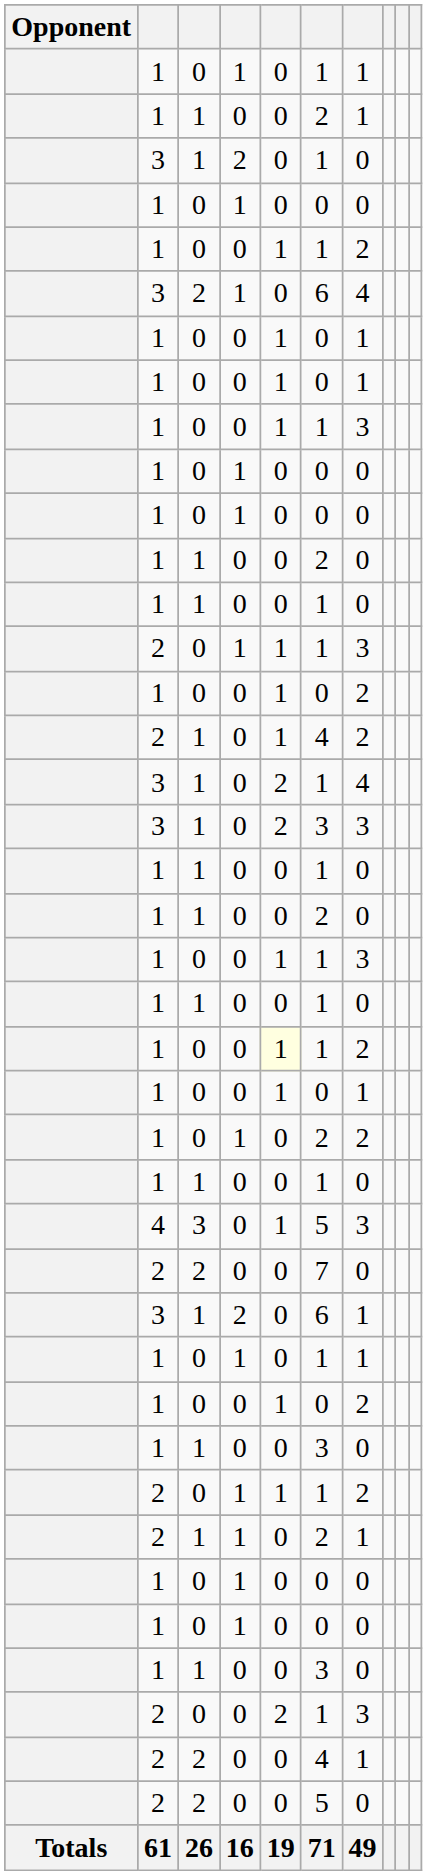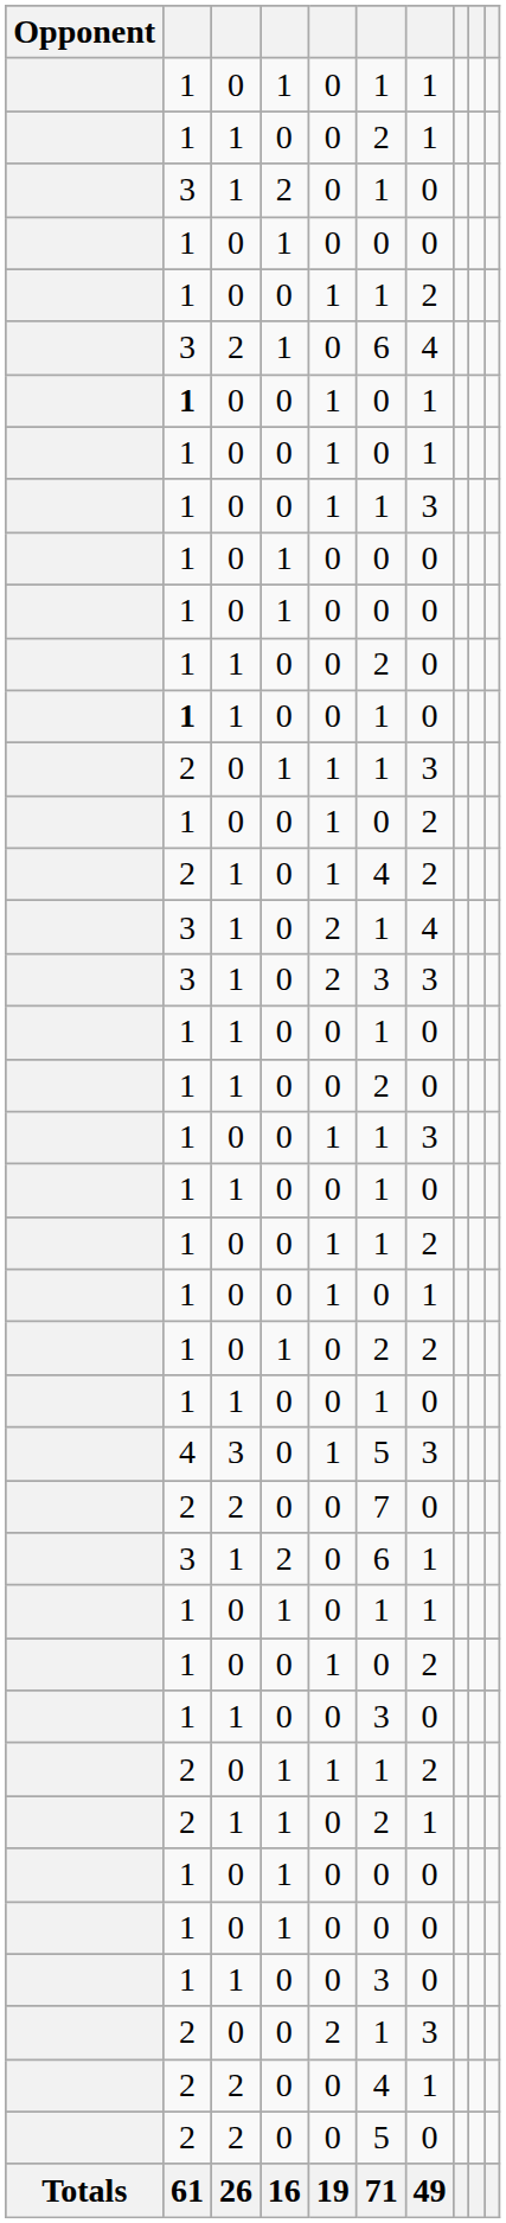 <table class="wikitable plainrowheaders sortable" style="text-align:center">
 <tr>
 <th scope=col>Opponent</th>
 <th scope=col></th>
 <th scope=col></th>
 <th scope=col></th>
 <th scope=col></th>
 <th scope=col></th>
 <th scope=col></th>
 <th scope=col></th>
 <th scope=col></th>
 <th scope=col></th>
 </tr>
 <tr>
 <th scope=row style="text-align:left;"></th>
 <td>1</td>
 <td>0</td>
 <td>1</td>
 <td>0</td>
 <td>1</td>
 <td>1</td>
 <td></td>
 <td></td>
 <td></td>
 </tr>
 <tr>
 <th scope=row style="text-align:left;"></th>
 <td>1</td>
 <td>1</td>
 <td>0</td>
 <td>0</td>
 <td>2</td>
 <td>1</td>
 <td></td>
 <td></td>
 <td></td>
 </tr>
 <tr>
 <th scope=row style="text-align:left;"></th>
 <td>3</td>
 <td>1</td>
 <td>2</td>
 <td>0</td>
 <td>1</td>
 <td>0</td>
 <td></td>
 <td></td>
 <td></td>
 </tr>
 <tr>
 <th scope=row style="text-align:left;"></th>
 <td>1</td>
 <td>0</td>
 <td>1</td>
 <td>0</td>
 <td>0</td>
 <td>0</td>
 <td></td>
 <td></td>
 <td></td>
 </tr>
 <tr>
 <th scope=row style="text-align:left;"></th>
 <td>1</td>
 <td>0</td>
 <td>0</td>
 <td>1</td>
 <td>1</td>
 <td>2</td>
 <td></td>
 <td></td>
 <td></td>
 </tr>
 <tr>
 <th scope=row style="text-align:left;"></th>
 <td>3</td>
 <td>2</td>
 <td>1</td>
 <td>0</td>
 <td>6</td>
 <td>4</td>
 <td></td>
 <td></td>
 <td></td>
 </tr>
 <tr>
 <th scope=row style="text-align:left;"></th>
-<td>1</td>
+<td><strong>1</strong></td>
 <td>0</td>
 <td>0</td>
 <td>1</td>
 <td>0</td>
 <td>1</td>
 <td></td>
 <td></td>
 <td></td>
 </tr>
 <tr>
 <th scope=row style="text-align:left;"></th>
 <td>1</td>
 <td>0</td>
 <td>0</td>
 <td>1</td>
 <td>0</td>
 <td>1</td>
 <td></td>
 <td></td>
 <td></td>
 </tr>
 <tr>
 <th scope=row style="text-align:left;"></th>
 <td>1</td>
 <td>0</td>
 <td>0</td>
 <td>1</td>
 <td>1</td>
 <td>3</td>
 <td></td>
 <td></td>
 <td></td>
 </tr>
 <tr>
 <th scope=row style="text-align:left;"></th>
 <td>1</td>
 <td>0</td>
 <td>1</td>
 <td>0</td>
 <td>0</td>
 <td>0</td>
 <td></td>
 <td></td>
 <td></td>
 </tr>
 <tr>
 <th scope=row style="text-align:left;"></th>
 <td>1</td>
 <td>0</td>
 <td>1</td>
 <td>0</td>
 <td>0</td>
 <td>0</td>
 <td></td>
 <td></td>
 <td></td>
 </tr>
 <tr>
 <th scope=row style="text-align:left;"></th>
 <td>1</td>
 <td>1</td>
 <td>0</td>
 <td>0</td>
 <td>2</td>
 <td>0</td>
 <td></td>
 <td></td>
 <td></td>
 </tr>
 <tr>
 <th scope=row style="text-align:left;"></th>
-<td>1</td>
+<td><strong>1</strong></td>
 <td>1</td>
 <td>0</td>
 <td>0</td>
 <td>1</td>
 <td>0</td>
 <td></td>
 <td></td>
 <td></td>
 </tr>
 <tr>
 <th scope=row style="text-align:left;"></th>
 <td>2</td>
 <td>0</td>
 <td>1</td>
 <td>1</td>
 <td>1</td>
 <td>3</td>
 <td></td>
 <td></td>
 <td></td>
 </tr>
 <tr>
 <th scope=row style="text-align:left;"></th>
 <td>1</td>
 <td>0</td>
 <td>0</td>
 <td>1</td>
 <td>0</td>
 <td>2</td>
 <td></td>
 <td></td>
 <td></td>
 </tr>
 <tr>
 <th scope=row style="text-align:left;"></th>
 <td>2</td>
 <td>1</td>
 <td>0</td>
 <td>1</td>
 <td>4</td>
 <td>2</td>
 <td></td>
 <td></td>
 <td></td>
 </tr>
 <tr>
 <th scope=row style="text-align:left;"></th>
 <td>3</td>
 <td>1</td>
 <td>0</td>
 <td>2</td>
 <td>1</td>
 <td>4</td>
 <td></td>
 <td></td>
 <td></td>
 </tr>
 <tr>
 <th scope=row style="text-align:left;"></th>
 <td>3</td>
 <td>1</td>
 <td>0</td>
 <td>2</td>
 <td>3</td>
 <td>3</td>
 <td></td>
 <td></td>
 <td></td>
 </tr>
 <tr>
 <th scope=row style="text-align:left;"></th>
 <td>1</td>
 <td>1</td>
 <td>0</td>
 <td>0</td>
 <td>1</td>
 <td>0</td>
 <td></td>
 <td></td>
 <td></td>
 </tr>
 <tr>
 <th scope=row style="text-align:left;"></th>
 <td>1</td>
 <td>1</td>
 <td>0</td>
 <td>0</td>
 <td>2</td>
 <td>0</td>
 <td></td>
 <td></td>
 <td></td>
 </tr>
 <tr>
 <th scope=row style="text-align:left;"></th>
 <td>1</td>
 <td>0</td>
 <td>0</td>
 <td>1</td>
 <td>1</td>
 <td>3</td>
 <td></td>
 <td></td>
 <td></td>
 </tr>
 <tr>
 <th scope=row style="text-align:left;"></th>
 <td>1</td>
 <td>1</td>
 <td>0</td>
 <td>0</td>
 <td>1</td>
 <td>0</td>
 <td></td>
 <td></td>
 <td></td>
 </tr>
 <tr>
 <th scope=row style="text-align:left;"></th>
 <td>1</td>
 <td>0</td>
 <td>0</td>
-<td style="background: lightyellow;">1</td>
+<td>1</td>
 <td>1</td>
 <td>2</td>
 <td></td>
 <td></td>
 <td></td>
 </tr>
 <tr>
 <th scope=row style="text-align:left;"></th>
 <td>1</td>
 <td>0</td>
 <td>0</td>
 <td>1</td>
 <td>0</td>
 <td>1</td>
 <td></td>
 <td></td>
 <td></td>
 </tr>
 <tr>
 <th scope=row style="text-align:left;"></th>
 <td>1</td>
 <td>0</td>
 <td>1</td>
 <td>0</td>
 <td>2</td>
 <td>2</td>
 <td></td>
 <td></td>
 <td></td>
 </tr>
 <tr>
 <th scope=row style="text-align:left;"></th>
 <td>1</td>
 <td>1</td>
 <td>0</td>
 <td>0</td>
 <td>1</td>
 <td>0</td>
 <td></td>
 <td></td>
 <td></td>
 </tr>
 <tr>
 <th scope=row style="text-align:left;"></th>
 <td>4</td>
 <td>3</td>
 <td>0</td>
 <td>1</td>
 <td>5</td>
 <td>3</td>
 <td></td>
 <td></td>
 <td></td>
 </tr>
 <tr>
 <th scope=row style="text-align:left;"></th>
 <td>2</td>
 <td>2</td>
 <td>0</td>
 <td>0</td>
 <td>7</td>
 <td>0</td>
 <td></td>
 <td></td>
 <td></td>
 </tr>
 <tr>
 <th scope=row style="text-align:left;"></th>
 <td>3</td>
 <td>1</td>
 <td>2</td>
 <td>0</td>
 <td>6</td>
 <td>1</td>
 <td></td>
 <td></td>
 <td></td>
 </tr>
 <tr>
 <th scope=row style="text-align:left;"></th>
 <td>1</td>
 <td>0</td>
 <td>1</td>
 <td>0</td>
 <td>1</td>
 <td>1</td>
 <td></td>
 <td></td>
 <td></td>
 </tr>
 <tr>
 <th scope=row style="text-align:left;"></th>
 <td>1</td>
 <td>0</td>
 <td>0</td>
 <td>1</td>
 <td>0</td>
 <td>2</td>
 <td></td>
 <td></td>
 <td></td>
 </tr>
 <tr>
 <th scope=row style="text-align:left;"></th>
 <td>1</td>
 <td>1</td>
 <td>0</td>
 <td>0</td>
 <td>3</td>
 <td>0</td>
 <td></td>
 <td></td>
 <td></td>
 </tr>
 <tr>
 <th scope=row style="text-align:left;"></th>
 <td>2</td>
 <td>0</td>
 <td>1</td>
 <td>1</td>
 <td>1</td>
 <td>2</td>
 <td></td>
 <td></td>
 <td></td>
 </tr>
 <tr>
 <th scope=row style="text-align:left;"></th>
 <td>2</td>
 <td>1</td>
 <td>1</td>
 <td>0</td>
 <td>2</td>
 <td>1</td>
 <td></td>
 <td></td>
 <td></td>
 </tr>
 <tr>
 <th scope=row style="text-align:left;"></th>
 <td>1</td>
 <td>0</td>
 <td>1</td>
 <td>0</td>
 <td>0</td>
 <td>0</td>
 <td></td>
 <td></td>
 <td></td>
 </tr>
 <tr>
 <th scope=row style="text-align:left;"></th>
 <td>1</td>
 <td>0</td>
 <td>1</td>
 <td>0</td>
 <td>0</td>
 <td>0</td>
 <td></td>
 <td></td>
 <td></td>
 </tr>
 <tr>
 <th scope=row style="text-align:left;"></th>
 <td>1</td>
 <td>1</td>
 <td>0</td>
 <td>0</td>
 <td>3</td>
 <td>0</td>
 <td></td>
 <td></td>
 <td></td>
 </tr>
 <tr>
 <th scope=row style="text-align:left;"></th>
 <td>2</td>
 <td>0</td>
 <td>0</td>
 <td>2</td>
 <td>1</td>
 <td>3</td>
 <td></td>
 <td></td>
 <td></td>
 </tr>
 <tr>
 <th scope=row style="text-align:left;"></th>
 <td>2</td>
 <td>2</td>
 <td>0</td>
 <td>0</td>
 <td>4</td>
 <td>1</td>
 <td></td>
 <td></td>
 <td></td>
 </tr>
 <tr>
 <th scope=row style="text-align:left;"></th>
 <td>2</td>
 <td>2</td>
 <td>0</td>
 <td>0</td>
 <td>5</td>
 <td>0</td>
 <td></td>
 <td></td>
 <td></td>
 </tr>
 <tr class="sortbottom">
 <th>Totals</th>
 <th>61</th>
 <th>26</th>
 <th>16</th>
 <th>19</th>
 <th>71</th>
 <th>49</th>
 <th></th>
 <th></th>
 <th></th>
 </tr>
 </table>
